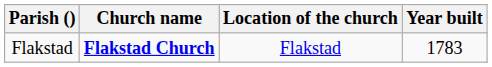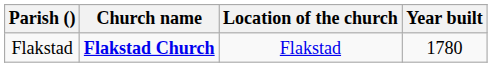 <table class="wikitable" style="text-align:center">
 <tr>
 <th>Parish ()</th>
 <th>Church name</th>
 <th>Location of the church</th>
 <th>Year built</th>
 </tr>
 <tr>
 <td rowspan="1">Flakstad</td>
 <td><strong><a href='#'>Flakstad Church</a></strong></td>
 <td><a href='#'>Flakstad</a></td>
-<td>1783</td>
+<td>1780</td>
 </tr>
 </table>
